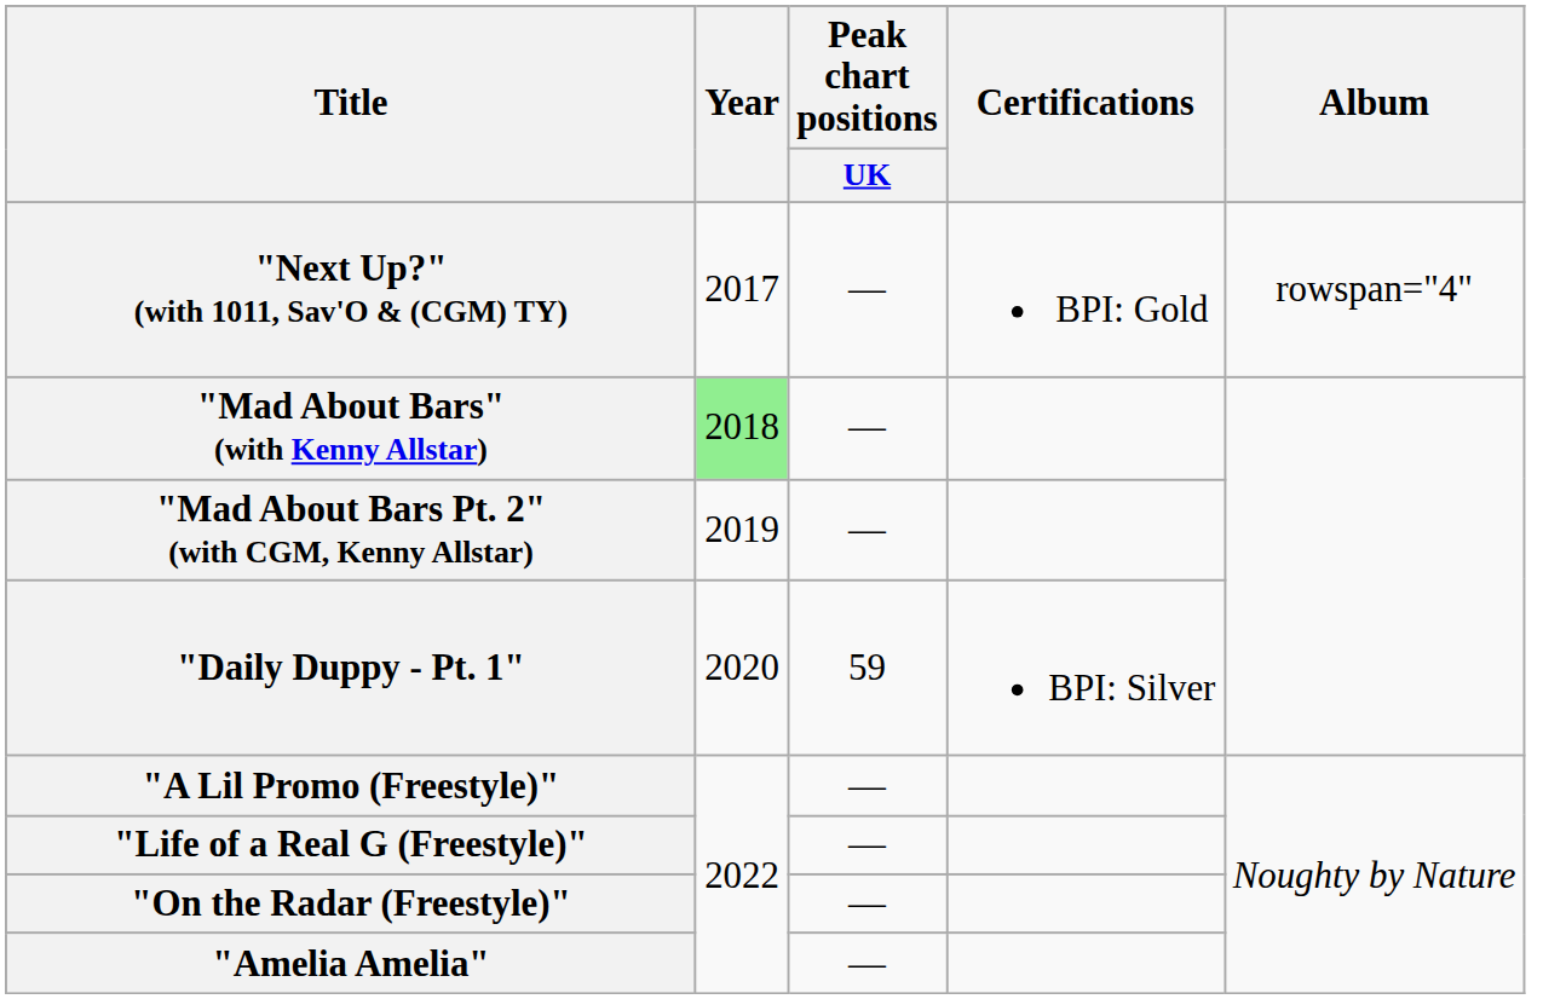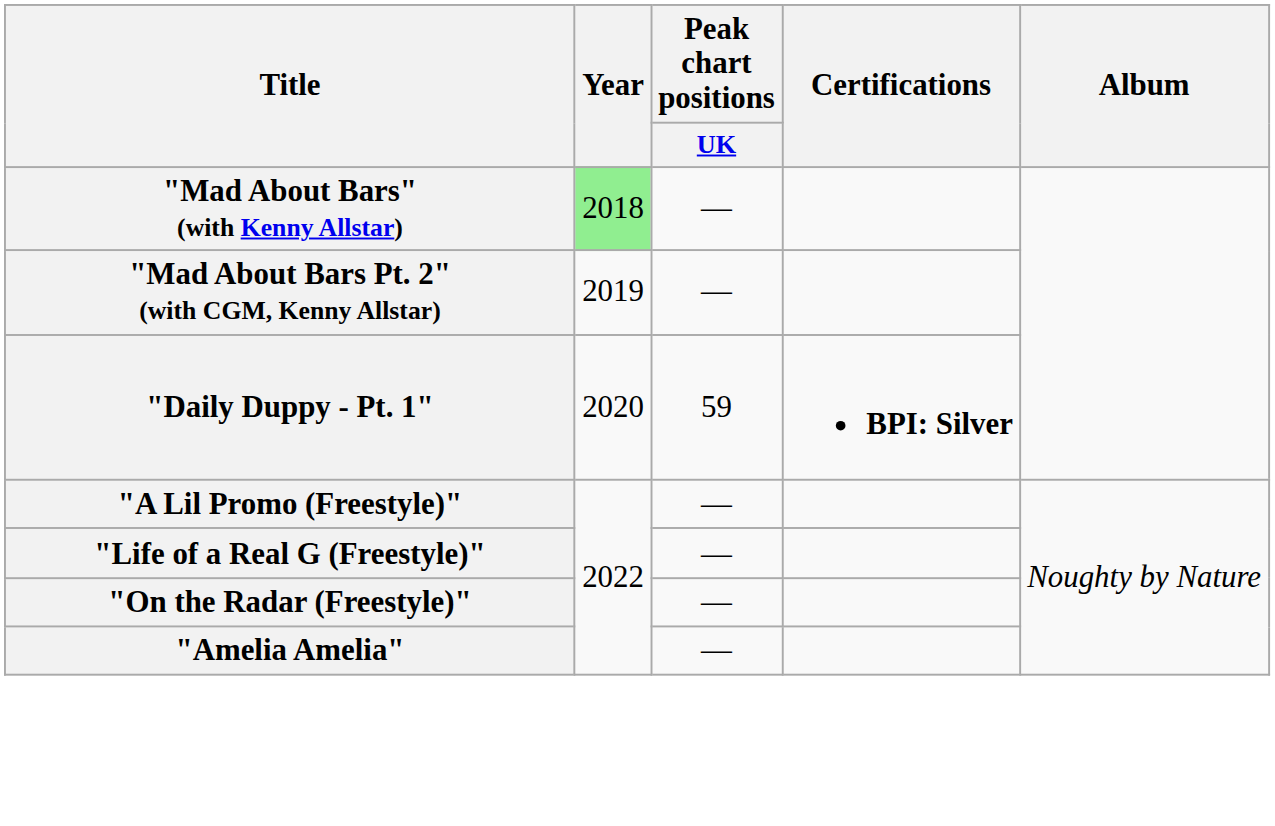 <table class="wikitable plainrowheaders" style="text-align:center;">
 <tr>
 <th scope="col" rowspan="2" style="width:18em;">Title</th>
 <th scope="col" rowspan="2" style="width:1em;">Year</th>
 <th scope="col" colspan="1">Peak chart positions</th>
 <th scope="col" rowspan="2">Certifications</th>
 <th scope="col" rowspan="2">Album</th>
 </tr>
 <tr>
 <th scope="col" style="width:3em;font-size:85%;"><a href='#'>UK</a><br></th>
-</tr>
-<tr>
-<th scope="row">"Next Up?"<br><small>(with 1011, Sav'O & (CGM) TY)</small></th>
-<td>2017</td>
-<td>—</td>
-<td><br><ul><li>BPI: Gold</li></ul></td>
-<td>rowspan="4" </td>
 </tr>
 <tr>
 <th scope="row">"Mad About Bars"<br><small>(with <a href='#'>Kenny Allstar</a>)</small></th>
 <td style="background: lightgreen;">2018</td>
 <td>—</td>
 <td></td>
 </tr>
 <tr>
 <th scope="row">"Mad About Bars Pt. 2"<br><small>(with CGM, Kenny Allstar)</small></th>
 <td>2019</td>
 <td>—</td>
 <td></td>
 </tr>
 <tr>
 <th scope="row">"Daily Duppy - Pt. 1"</th>
 <td>2020</td>
 <td>59</td>
-<td><br><ul><li>BPI: Silver</li></ul></td>
+<td><strong><br><ul><li>BPI: Silver</li></ul></strong></td>
 </tr>
 <tr>
 <th scope="row">"A Lil Promo (Freestyle)"</th>
 <td rowspan="4">2022</td>
 <td>—</td>
 <td></td>
 <td rowspan="4"><em>Noughty by Nature</em></td>
 </tr>
 <tr>
 <th scope="row">"Life of a Real G (Freestyle)"</th>
 <td>—</td>
 <td></td>
 </tr>
 <tr>
 <th scope="row">"On the Radar (Freestyle)"</th>
 <td>—</td>
 <td></td>
 </tr>
 <tr>
 <th scope="row">"Amelia Amelia"</th>
 <td>—</td>
 <td></td>
 </tr>
 </table>
